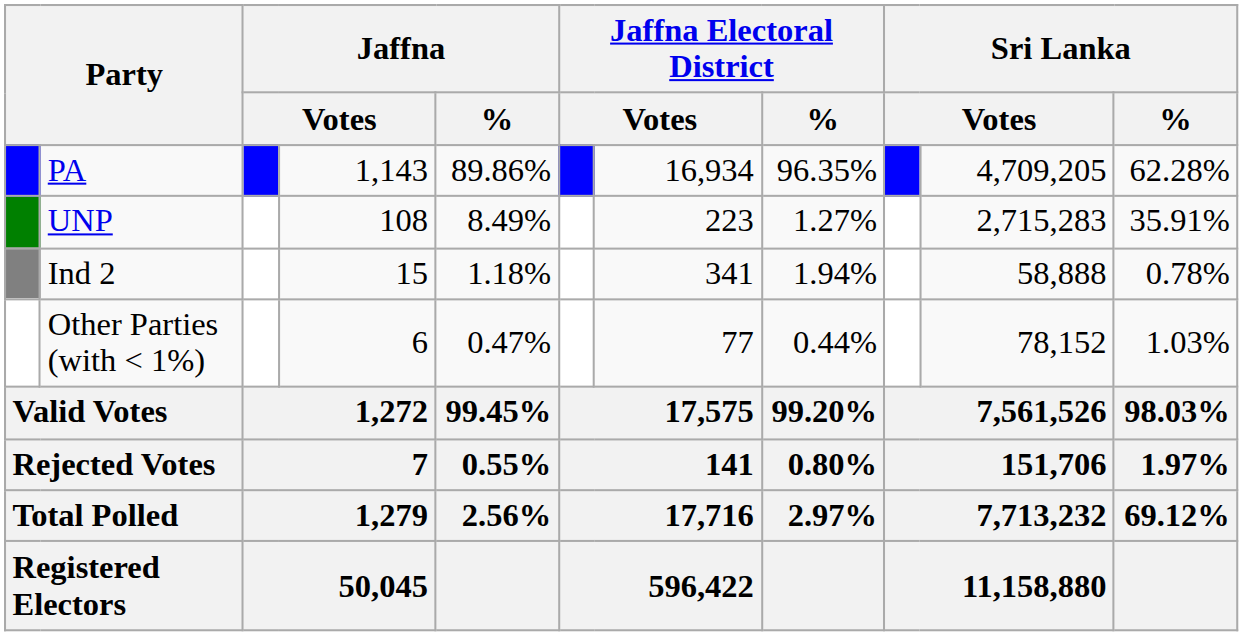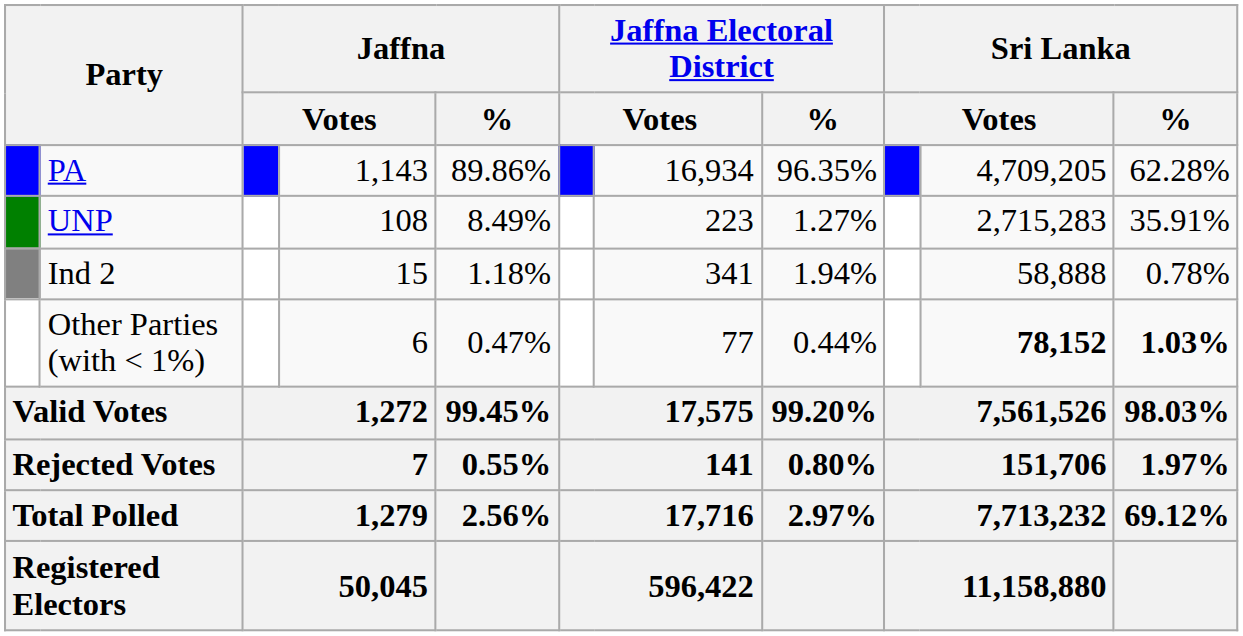 <table class="wikitable">
 <tr>
 <th colspan="2" width="144px"rowspan="2">Party</th>
 <th colspan="3" width="216px">Jaffna</th>
 <th colspan="3" width="216px"><a href='#'>Jaffna Electoral District</a></th>
 <th colspan="3" width="216px">Sri Lanka</th>
 </tr>
 <tr>
 <th colspan="2" width="144px">Votes</th>
 <th>%</th>
 <th colspan="2" width="144px">Votes</th>
 <th>%</th>
 <th colspan="2" width="144px">Votes</th>
 <th>%</th>
 </tr>
 <tr>
 <td style="background-color:blue;" width="10px"></td>
 <td style="text-align:left;"><a href='#'>PA</a></td>
 <td style="background-color:blue;" width="10px"></td>
 <td style="text-align:right;">1,143</td>
 <td style="text-align:right;">89.86%</td>
 <td style="background-color:blue;" width="10px"></td>
 <td style="text-align:right;">16,934</td>
 <td style="text-align:right;">96.35%</td>
 <td style="background-color:blue;" width="10px"></td>
 <td style="text-align:right;">4,709,205</td>
 <td style="text-align:right;">62.28%</td>
 </tr>
 <tr>
 <td style="background-color:green;" width="10px"></td>
 <td style="text-align:left;"><a href='#'>UNP</a></td>
 <td style="background-color:white;" width="10px"></td>
 <td style="text-align:right;">108</td>
 <td style="text-align:right;">8.49%</td>
 <td style="background-color:white;" width="10px"></td>
 <td style="text-align:right;">223</td>
 <td style="text-align:right;">1.27%</td>
 <td style="background-color:white;" width="10px"></td>
 <td style="text-align:right;">2,715,283</td>
 <td style="text-align:right;">35.91%</td>
 </tr>
 <tr>
 <td style="background-color:grey;" width="10px"></td>
 <td style="text-align:left;">Ind 2</td>
 <td style="background-color:white;" width="10px"></td>
 <td style="text-align:right;">15</td>
 <td style="text-align:right;">1.18%</td>
 <td style="background-color:white;" width="10px"></td>
 <td style="text-align:right;">341</td>
 <td style="text-align:right;">1.94%</td>
 <td style="background-color:white;" width="10px"></td>
 <td style="text-align:right;">58,888</td>
 <td style="text-align:right;">0.78%</td>
 </tr>
 <tr>
 <td style="background-color:white;" width="10px"></td>
 <td style="text-align:left;">Other Parties (with < 1%)</td>
 <td style="background-color:white;" width="10px"></td>
 <td style="text-align:right;">6</td>
 <td style="text-align:right;">0.47%</td>
 <td style="background-color:white;" width="10px"></td>
 <td style="text-align:right;">77</td>
 <td style="text-align:right;">0.44%</td>
 <td style="background-color:white;" width="10px"></td>
-<td style="text-align:right;">78,152</td>
-<td style="text-align:right;">1.03%</td>
+<td style="text-align:right;"><strong>78,152</strong></td>
+<td style="text-align:right;"><strong>1.03%</strong></td>
 </tr>
 <tr>
 <th colspan="2" width="144px"style="text-align:left;">Valid Votes</th>
 <th style="text-align:right;"colspan="2" width="144px">1,272</th>
 <th style="text-align:right;">99.45%</th>
 <th style="text-align:right;"colspan="2" width="144px">17,575</th>
 <th style="text-align:right;">99.20%</th>
 <th style="text-align:right;"colspan="2" width="144px">7,561,526</th>
 <th style="text-align:right;">98.03%</th>
 </tr>
 <tr>
 <th colspan="2" width="144px"style="text-align:left;">Rejected Votes</th>
 <th style="text-align:right;"colspan="2" width="144px">7</th>
 <th style="text-align:right;">0.55%</th>
 <th style="text-align:right;"colspan="2" width="144px">141</th>
 <th style="text-align:right;">0.80%</th>
 <th style="text-align:right;"colspan="2" width="144px">151,706</th>
 <th style="text-align:right;">1.97%</th>
 </tr>
 <tr>
 <th colspan="2" width="144px"style="text-align:left;">Total Polled</th>
 <th style="text-align:right;"colspan="2" width="144px">1,279</th>
 <th style="text-align:right;">2.56%</th>
 <th style="text-align:right;"colspan="2" width="144px">17,716</th>
 <th style="text-align:right;">2.97%</th>
 <th style="text-align:right;"colspan="2" width="144px">7,713,232</th>
 <th style="text-align:right;">69.12%</th>
 </tr>
 <tr>
 <th colspan="2" width="144px"style="text-align:left;">Registered Electors</th>
 <th style="text-align:right;"colspan="2" width="144px">50,045</th>
 <th></th>
 <th style="text-align:right;"colspan="2" width="144px">596,422</th>
 <th></th>
 <th style="text-align:right;"colspan="2" width="144px">11,158,880</th>
 <th></th>
 </tr>
 </table>
